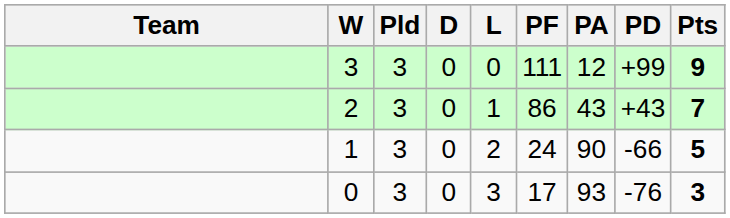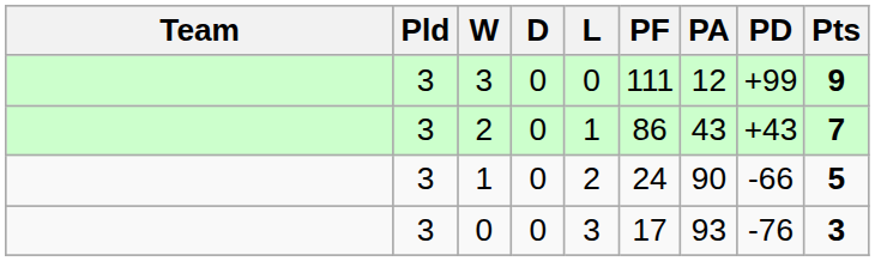 <table class="wikitable" style="text-align:center;">
 <tr>
 <th width="190">Team</th>
+<th width="20" abbr="Played">Pld</th>
 <th width="20" abbr="Won">W</th>
-<th width="20" abbr="Played">Pld</th>
 <th width="20" abbr="Drawn">D</th>
 <th width="20" abbr="Lost">L</th>
 <th width="20" abbr="Points for">PF</th>
 <th width="20" abbr="Points against">PA</th>
 <th width="25" abbr="Points difference">PD</th>
 <th width="20" abbr="Points">Pts</th>
 </tr>
 <tr style="background:#ccffcc">
 <td align="left"></td>
 <td>3</td>
 <td>3</td>
 <td>0</td>
 <td>0</td>
 <td>111</td>
 <td>12</td>
 <td>+99</td>
 <td><strong>9</strong></td>
 </tr>
 <tr style="background:#ccffcc">
 <td align="left"></td>
+<td>3</td>
 <td>2</td>
-<td>3</td>
 <td>0</td>
 <td>1</td>
 <td>86</td>
 <td>43</td>
 <td>+43</td>
 <td><strong>7</strong></td>
 </tr>
 <tr>
 <td align="left"></td>
+<td>3</td>
 <td>1</td>
-<td>3</td>
 <td>0</td>
 <td>2</td>
 <td>24</td>
 <td>90</td>
 <td>-66</td>
 <td><strong>5</strong></td>
 </tr>
 <tr>
 <td align="left"></td>
+<td>3</td>
 <td>0</td>
-<td>3</td>
 <td>0</td>
 <td>3</td>
 <td>17</td>
 <td>93</td>
 <td>-76</td>
 <td><strong>3</strong></td>
 </tr>
 </table>
